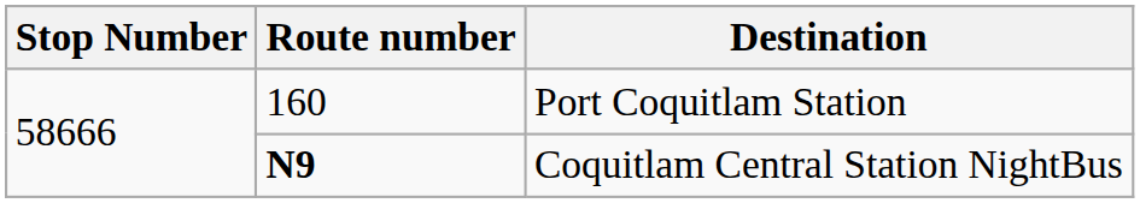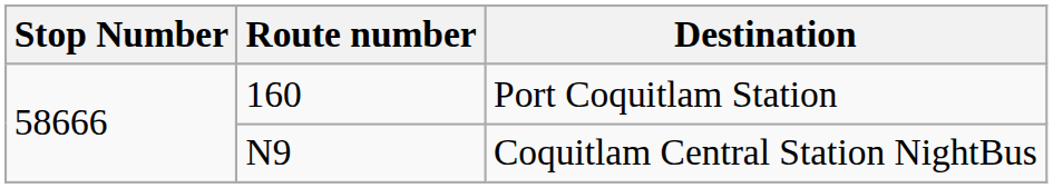 <table class="wikitable">
 <tr>
 <th>Stop Number</th>
 <th>Route number</th>
 <th>Destination</th>
 </tr>
 <tr>
 <td rowspan="4">58666</td>
 <td>160</td>
 <td>Port Coquitlam Station</td>
 </tr>
 <tr>
-<td><strong>N9</strong></td>
+<td>N9</td>
 <td>Coquitlam Central Station NightBus</td>
 </tr>
 </table>
